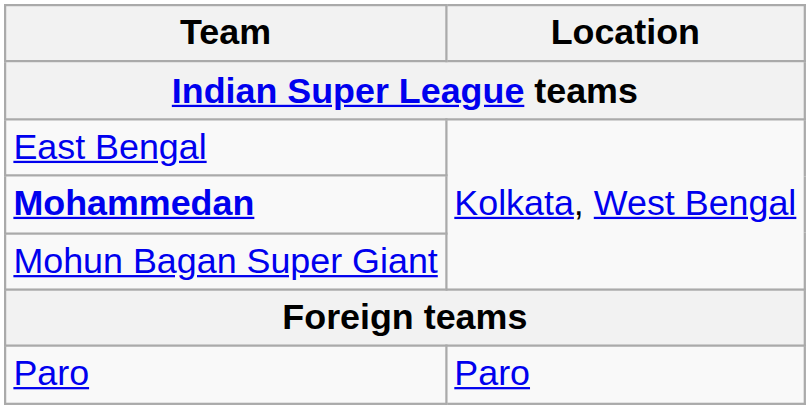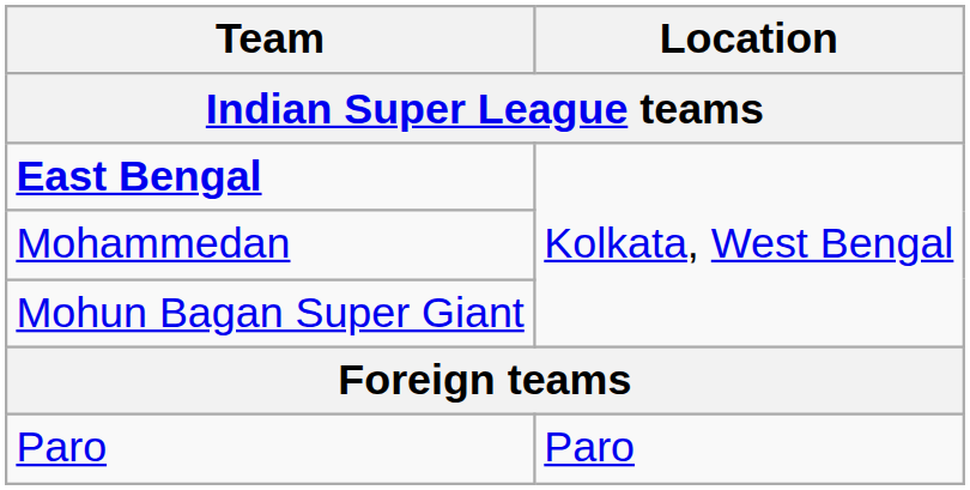 <table class="wikitable">
 <tr>
 <th>Team</th>
 <th>Location</th>
 </tr>
 <tr>
 <th colspan="4"><a href='#'>Indian Super League</a> teams</th>
 </tr>
 <tr>
-<td><a href='#'>East Bengal</a></td>
+<td><strong><a href='#'>East Bengal</a></strong></td>
 <td rowspan="3"><a href='#'>Kolkata</a>, <a href='#'>West Bengal</a></td>
 </tr>
 <tr>
-<td><strong><a href='#'>Mohammedan</a></strong></td>
+<td><a href='#'>Mohammedan</a></td>
 </tr>
 <tr>
 <td><a href='#'>Mohun Bagan Super Giant</a></td>
 </tr>
 <tr>
 <th colspan="4">Foreign teams</th>
 </tr>
 <tr>
 <td> <a href='#'>Paro</a></td>
 <td><a href='#'>Paro</a></td>
 </tr>
 </table>
